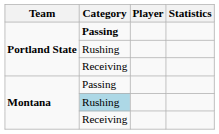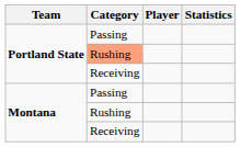 <table class="wikitable" style="float: right;">
 <tr>
 <th>Team</th>
 <th>Category</th>
 <th>Player</th>
 <th>Statistics</th>
 </tr>
 <tr>
 <td rowspan=3><strong>Portland State</strong></td>
-<td><strong>Passing</strong></td>
+<td>Passing</td>
 <td></td>
 <td></td>
 </tr>
 <tr>
-<td>Rushing</td>
+<td style="background: lightsalmon;">Rushing</td>
 <td></td>
 <td></td>
 </tr>
 <tr>
 <td>Receiving</td>
 <td></td>
 <td></td>
 </tr>
 <tr>
 <td rowspan=3><strong>Montana</strong></td>
 <td>Passing</td>
 <td></td>
 <td></td>
 </tr>
 <tr>
-<td style="background: lightblue;">Rushing</td>
+<td>Rushing</td>
 <td></td>
 <td></td>
 </tr>
 <tr>
 <td>Receiving</td>
 <td></td>
 <td></td>
 </tr>
 </table>
